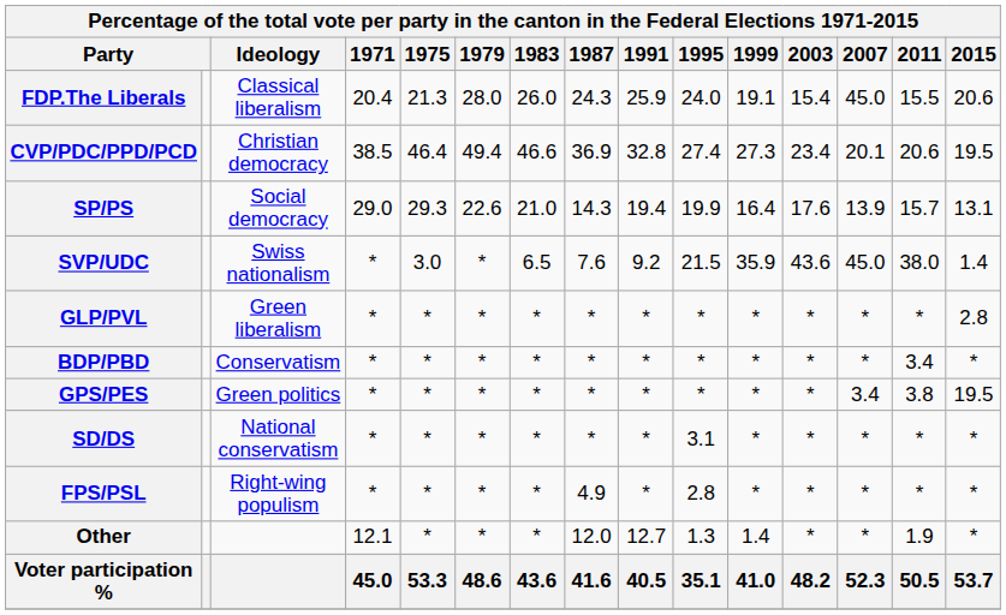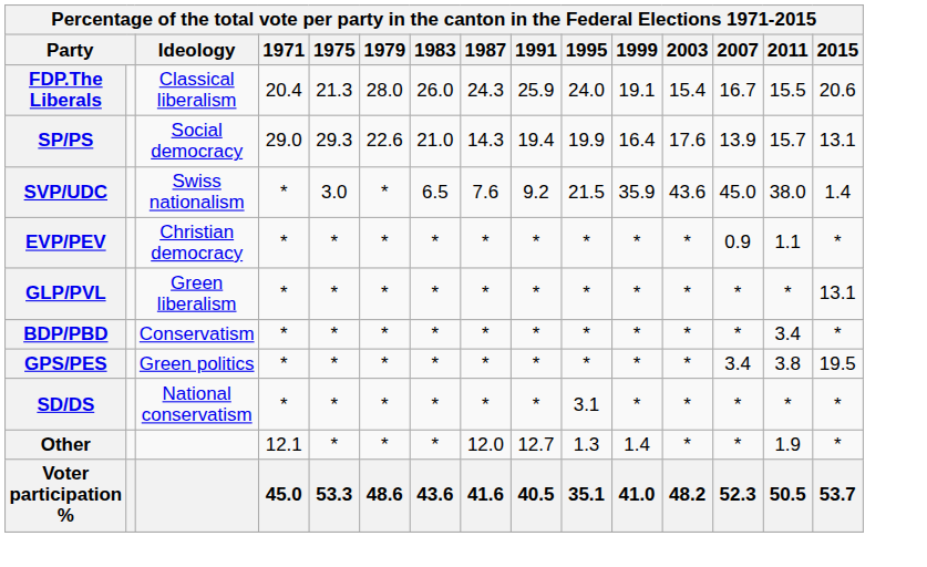 <table class="wikitable sortable" style ="text-align: center">
 <tr>
 <th colspan="15">Percentage of the total vote per party in the canton in the Federal Elections 1971-2015</th>
 </tr>
 <tr>
 <th colspan="2">Party</th>
 <th class="unsortable">Ideology</th>
 <th>1971</th>
 <th>1975</th>
 <th>1979</th>
 <th>1983</th>
 <th>1987</th>
 <th>1991</th>
 <th>1995</th>
 <th>1999</th>
 <th>2003</th>
 <th>2007</th>
 <th>2011</th>
 <th>2015</th>
 </tr>
 <tr>
 <th><a href='#'>FDP.The Liberals</a></th>
 <td style="color:inherit;background:"></td>
 <td><a href='#'>Classical liberalism</a></td>
 <td>20.4</td>
 <td>21.3</td>
 <td>28.0</td>
 <td>26.0</td>
 <td>24.3</td>
 <td>25.9</td>
 <td>24.0</td>
 <td>19.1</td>
 <td>15.4</td>
-<td>45.0</td>
+<td>16.7</td>
 <td>15.5</td>
 <td>20.6</td>
-</tr>
-<tr>
-<th><a href='#'>CVP/PDC/PPD/PCD</a></th>
-<td style="color:inherit;background:"></td>
-<td><a href='#'>Christian democracy</a></td>
-<td>38.5</td>
-<td>46.4</td>
-<td>49.4</td>
-<td>46.6</td>
-<td>36.9</td>
-<td>32.8</td>
-<td>27.4</td>
-<td>27.3</td>
-<td>23.4</td>
-<td>20.1</td>
-<td>20.6</td>
-<td>19.5</td>
 </tr>
 <tr>
 <th><a href='#'>SP/PS</a></th>
 <td style="color:inherit;background:"></td>
 <td><a href='#'>Social democracy</a></td>
 <td>29.0</td>
 <td>29.3</td>
 <td>22.6</td>
 <td>21.0</td>
 <td>14.3</td>
 <td>19.4</td>
 <td>19.9</td>
 <td>16.4</td>
 <td>17.6</td>
 <td>13.9</td>
 <td>15.7</td>
 <td>13.1</td>
 </tr>
 <tr>
 <th><a href='#'>SVP/UDC</a></th>
 <td style="color:inherit;background:"></td>
 <td><a href='#'>Swiss nationalism</a></td>
 <td>* </td>
 <td>3.0</td>
 <td>*</td>
 <td>6.5</td>
 <td>7.6</td>
 <td>9.2</td>
 <td>21.5</td>
 <td>35.9</td>
 <td>43.6</td>
 <td>45.0</td>
 <td>38.0</td>
 <td>1.4</td>
 </tr>
 <tr>
+<th><a href='#'>EVP/PEV</a></th>
+<td style="color:inherit;background:"></td>
+<td><a href='#'>Christian democracy</a></td>
+<td>*</td>
+<td>*</td>
+<td>*</td>
+<td>*</td>
+<td>*</td>
+<td>*</td>
+<td>*</td>
+<td>*</td>
+<td>*</td>
+<td>0.9</td>
+<td>1.1</td>
+<td>*</td>
+</tr>
+<tr>
 <th><a href='#'>GLP/PVL</a></th>
 <td style="color:inherit;background:"></td>
 <td><a href='#'>Green liberalism</a></td>
 <td>*</td>
 <td>*</td>
 <td>*</td>
 <td>*</td>
 <td>*</td>
 <td>*</td>
 <td>*</td>
 <td>*</td>
 <td>*</td>
 <td>*</td>
 <td>*</td>
-<td>2.8</td>
+<td>13.1</td>
 </tr>
 <tr>
 <th><a href='#'>BDP/PBD</a></th>
 <td style="color:inherit;background:"></td>
 <td><a href='#'>Conservatism</a></td>
 <td>*</td>
 <td>*</td>
 <td>*</td>
 <td>*</td>
 <td>*</td>
 <td>*</td>
 <td>*</td>
 <td>*</td>
 <td>*</td>
 <td>*</td>
 <td>3.4</td>
 <td>*</td>
 </tr>
 <tr>
 <th><a href='#'>GPS/PES</a></th>
 <td style="color:inherit;background:"></td>
 <td><a href='#'>Green politics</a></td>
 <td>*</td>
 <td>*</td>
 <td>*</td>
 <td>*</td>
 <td>*</td>
 <td>*</td>
 <td>*</td>
 <td>*</td>
 <td>*</td>
 <td>3.4</td>
 <td>3.8</td>
 <td>19.5</td>
 </tr>
 <tr>
 <th><a href='#'>SD/DS</a></th>
 <td style="color:inherit;background:"></td>
 <td><a href='#'>National conservatism</a></td>
 <td>*</td>
 <td>*</td>
 <td>*</td>
 <td>*</td>
 <td>*</td>
 <td>*</td>
 <td>3.1</td>
 <td>*</td>
 <td>*</td>
 <td>*</td>
 <td>*</td>
 <td>*</td>
 </tr>
 <tr>
-<th><a href='#'>FPS/PSL</a></th>
-<td style="color:inherit;background:"></td>
-<td><a href='#'>Right-wing populism</a></td>
-<td>*</td>
-<td>*</td>
-<td>*</td>
-<td>*</td>
-<td>4.9</td>
-<td>*</td>
-<td>2.8</td>
-<td>*</td>
-<td>*</td>
-<td>*</td>
-<td>*</td>
-<td>*</td>
-</tr>
-<tr>
 <th>Other</th>
 <td></td>
 <td></td>
 <td>12.1</td>
 <td>*</td>
 <td>*</td>
 <td>*</td>
 <td>12.0</td>
 <td>12.7</td>
 <td>1.3</td>
 <td>1.4</td>
 <td>*</td>
 <td>*</td>
 <td>1.9</td>
 <td>*</td>
 </tr>
 <tr>
 <th>Voter participation %</th>
 <th></th>
 <th></th>
 <th>45.0</th>
 <th>53.3</th>
 <th>48.6</th>
 <th>43.6</th>
 <th>41.6</th>
 <th>40.5</th>
 <th>35.1</th>
 <th>41.0</th>
 <th>48.2</th>
 <th>52.3</th>
 <th>50.5</th>
 <th>53.7</th>
 </tr>
 <tr>
 </tr>
 </table>
